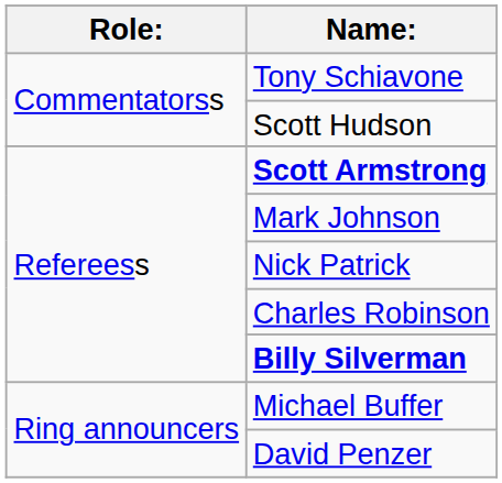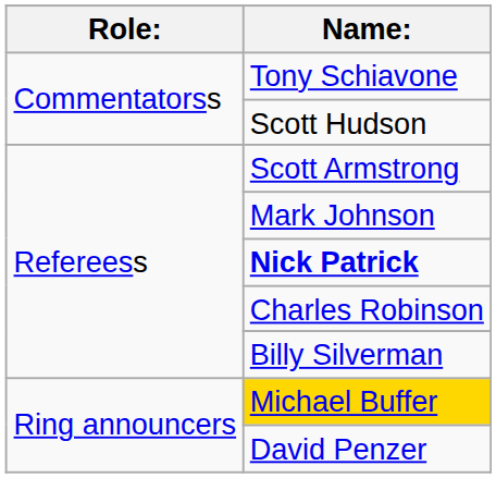 <table class=wikitable style="font-size:90%; margin: 0.5em 0 0.5em 1em; float: right; clear: right;">
 <tr>
 <th>Role:</th>
 <th>Name:</th>
 </tr>
 <tr>
 <td rowspan=2><a href='#'>Commentators</a>s</td>
 <td><a href='#'>Tony Schiavone</a></td>
 </tr>
 <tr>
 <td>Scott Hudson</td>
 </tr>
 <tr>
 <td rowspan=5><a href='#'>Referees</a>s</td>
-<td><strong><a href='#'>Scott Armstrong</a></strong></td>
+<td><a href='#'>Scott Armstrong</a></td>
 </tr>
 <tr>
 <td><a href='#'>Mark Johnson</a></td>
 </tr>
 <tr>
-<td><a href='#'>Nick Patrick</a></td>
+<td><strong><a href='#'>Nick Patrick</a></strong></td>
 </tr>
 <tr>
 <td><a href='#'>Charles Robinson</a></td>
 </tr>
 <tr>
-<td><strong><a href='#'>Billy Silverman</a></strong></td>
+<td><a href='#'>Billy Silverman</a></td>
 </tr>
 <tr>
 <td rowspan=2><a href='#'>Ring announcers</a></td>
-<td><a href='#'>Michael Buffer</a> </td>
+<td style="background: gold;"><a href='#'>Michael Buffer</a> </td>
 </tr>
 <tr>
 <td><a href='#'>David Penzer</a></td>
 </tr>
 </table>
